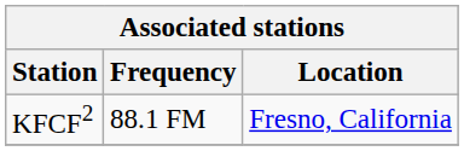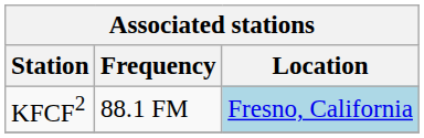 <table class="wikitable">
 <tr>
 <th colspan=3>Associated stations</th>
 </tr>
 <tr bgcolor=#EEEEEE>
 <th>Station</th>
 <th>Frequency</th>
 <th>Location</th>
 </tr>
 <tr>
 <td>KFCF<sup>2</sup></td>
 <td>88.1 FM</td>
-<td><a href='#'>Fresno, California</a></td>
+<td style="background: lightblue;"><a href='#'>Fresno, California</a></td>
 </tr>
 <tr>
 </tr>
 </table>
